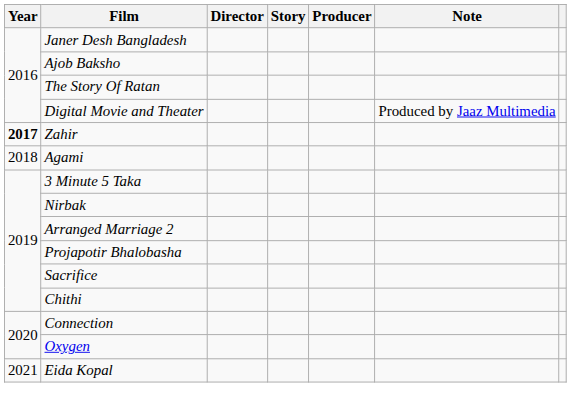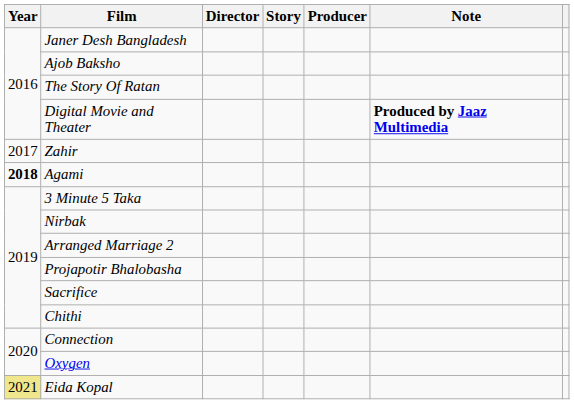 <table class="wikitable">
 <tr>
 <th>Year</th>
 <th>Film</th>
 <th>Director</th>
 <th>Story</th>
 <th>Producer</th>
 <th>Note</th>
 <th></th>
 </tr>
 <tr>
 <td rowspan="4">2016</td>
 <td><em>Janer Desh Bangladesh</em></td>
 <td></td>
 <td></td>
 <td></td>
 <td></td>
 <td></td>
 </tr>
 <tr>
 <td><em>Ajob Baksho</em></td>
 <td></td>
 <td></td>
 <td></td>
 <td></td>
 <td></td>
 </tr>
 <tr>
 <td><em>The Story Of Ratan</em></td>
 <td></td>
 <td></td>
 <td></td>
 <td></td>
 <td></td>
 </tr>
 <tr>
 <td><em>Digital Movie and Theater</em></td>
 <td></td>
 <td></td>
 <td></td>
-<td>Produced by <a href='#'>Jaaz Multimedia</a></td>
+<td><strong>Produced by <a href='#'>Jaaz Multimedia</a></strong></td>
 <td></td>
 </tr>
 <tr>
-<td><strong>2017</strong></td>
+<td>2017</td>
 <td><em>Zahir</em></td>
 <td></td>
 <td></td>
 <td></td>
 <td></td>
 <td></td>
 </tr>
 <tr>
-<td>2018</td>
+<td><strong>2018</strong></td>
 <td><em>Agami</em></td>
 <td></td>
 <td></td>
 <td></td>
 <td></td>
 <td></td>
 </tr>
 <tr>
 <td rowspan="6">2019</td>
 <td><em>3 Minute 5 Taka</em></td>
 <td></td>
 <td></td>
 <td></td>
 <td></td>
 <td></td>
 </tr>
 <tr>
 <td><em>Nirbak</em></td>
 <td></td>
 <td></td>
 <td></td>
 <td></td>
 <td></td>
 </tr>
 <tr>
 <td><em>Arranged Marriage 2</em></td>
 <td></td>
 <td></td>
 <td></td>
 <td></td>
 <td></td>
 </tr>
 <tr>
 <td><em>Projapotir Bhalobasha</em></td>
 <td></td>
 <td></td>
 <td></td>
 <td></td>
 <td></td>
 </tr>
 <tr>
 <td><em>Sacrifice</em></td>
 <td></td>
 <td></td>
 <td></td>
 <td></td>
 <td></td>
 </tr>
 <tr>
 <td><em>Chithi</em></td>
 <td></td>
 <td></td>
 <td></td>
 <td></td>
 <td></td>
 </tr>
 <tr>
 <td rowspan="2">2020</td>
 <td><em>Connection</em></td>
 <td></td>
 <td></td>
 <td></td>
 <td></td>
 <td></td>
 </tr>
 <tr>
 <td><em><a href='#'>Oxygen</a></em></td>
 <td></td>
 <td></td>
 <td></td>
 <td></td>
 <td></td>
 </tr>
 <tr>
-<td>2021</td>
+<td style="background: khaki;">2021</td>
 <td><em>Eida Kopal</em></td>
 <td></td>
 <td></td>
 <td></td>
 <td></td>
 <td></td>
 </tr>
 </table>
